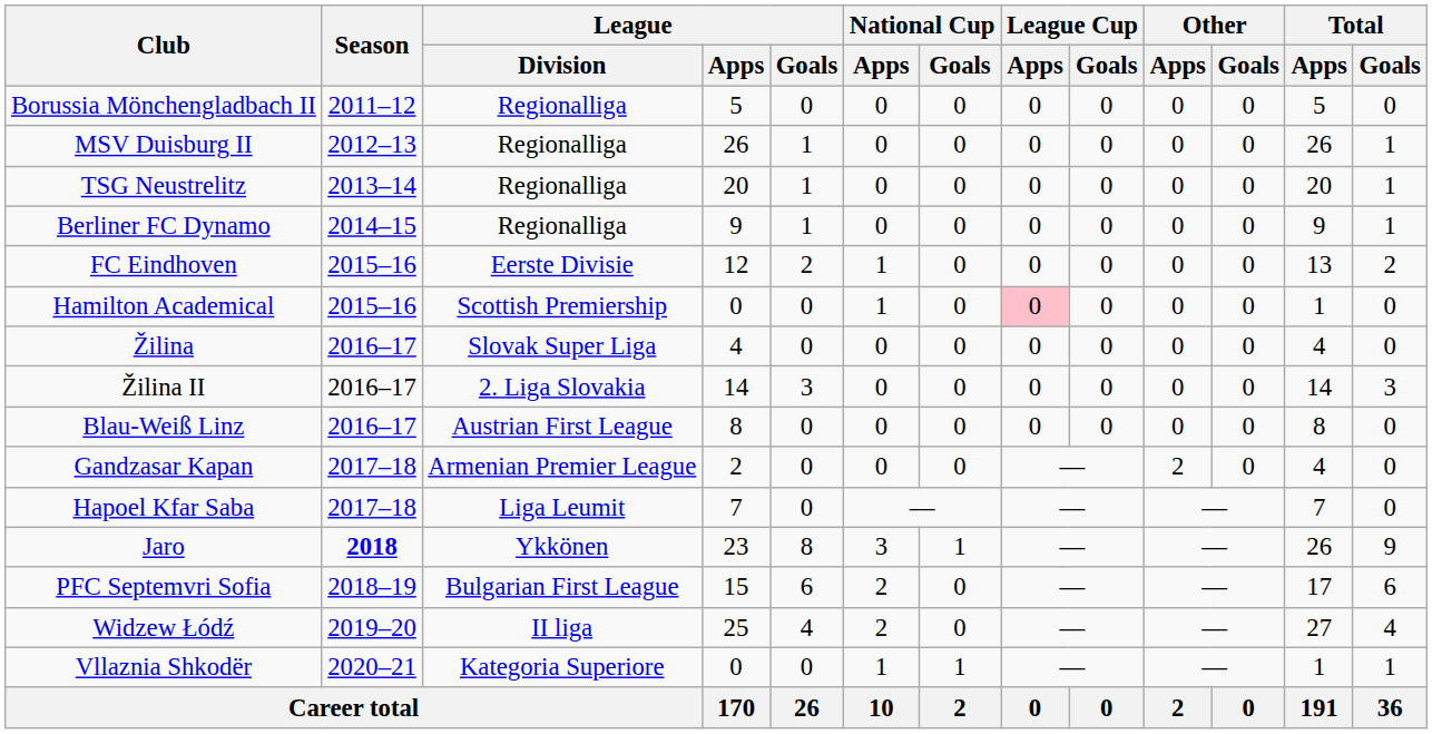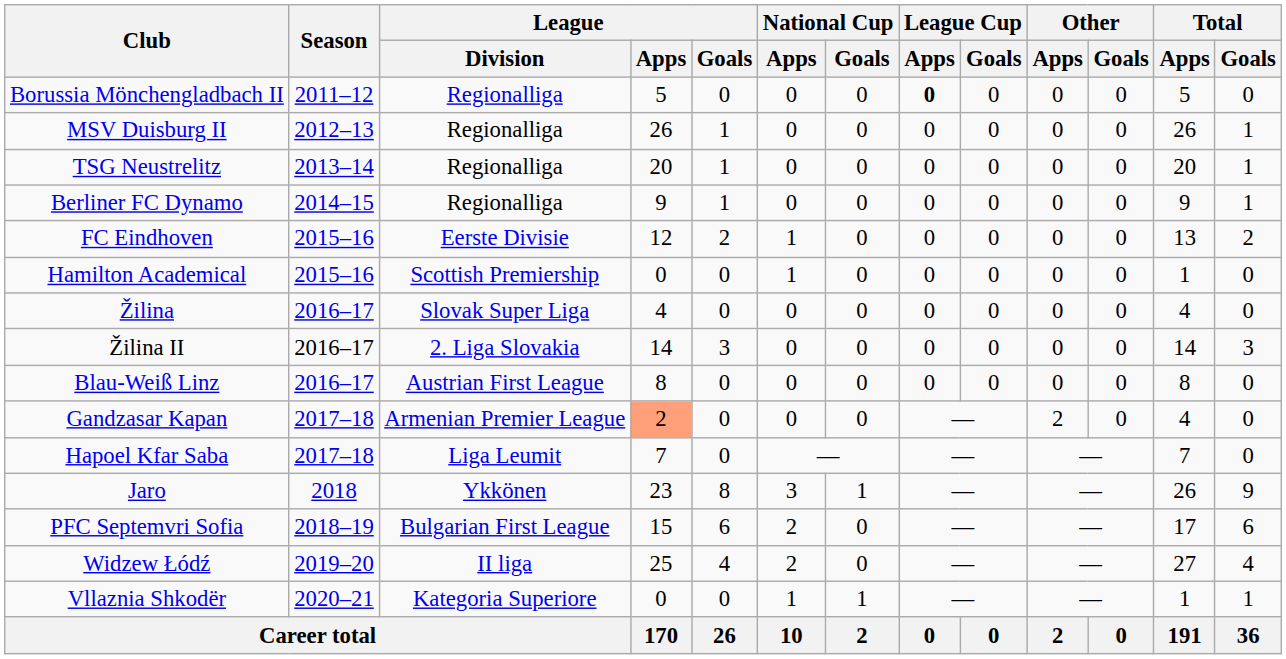 <table class="wikitable" style="text-align: center;">
 <tr>
 <th rowspan="2">Club</th>
 <th rowspan="2">Season</th>
 <th colspan="3">League</th>
 <th colspan="2">National Cup</th>
 <th colspan="2">League Cup</th>
 <th colspan="2">Other</th>
 <th colspan="2">Total</th>
 </tr>
 <tr>
 <th>Division</th>
 <th>Apps</th>
 <th>Goals</th>
 <th>Apps</th>
 <th>Goals</th>
 <th>Apps</th>
 <th>Goals</th>
 <th>Apps</th>
 <th>Goals</th>
 <th>Apps</th>
 <th>Goals</th>
 </tr>
 <tr>
 <td><a href='#'>Borussia Mönchengladbach II</a></td>
 <td><a href='#'>2011–12</a></td>
 <td><a href='#'>Regionalliga</a></td>
 <td>5</td>
 <td>0</td>
 <td>0</td>
 <td>0</td>
-<td>0</td>
+<td><strong>0</strong></td>
 <td>0</td>
 <td>0</td>
 <td>0</td>
 <td>5</td>
 <td>0</td>
 </tr>
 <tr>
 <td><a href='#'>MSV Duisburg II</a></td>
 <td><a href='#'>2012–13</a></td>
 <td>Regionalliga</td>
 <td>26</td>
 <td>1</td>
 <td>0</td>
 <td>0</td>
 <td>0</td>
 <td>0</td>
 <td>0</td>
 <td>0</td>
 <td>26</td>
 <td>1</td>
 </tr>
 <tr>
 <td><a href='#'>TSG Neustrelitz</a></td>
 <td><a href='#'>2013–14</a></td>
 <td>Regionalliga</td>
 <td>20</td>
 <td>1</td>
 <td>0</td>
 <td>0</td>
 <td>0</td>
 <td>0</td>
 <td>0</td>
 <td>0</td>
 <td>20</td>
 <td>1</td>
 </tr>
 <tr>
 <td><a href='#'>Berliner FC Dynamo</a></td>
 <td><a href='#'>2014–15</a></td>
 <td>Regionalliga</td>
 <td>9</td>
 <td>1</td>
 <td>0</td>
 <td>0</td>
 <td>0</td>
 <td>0</td>
 <td>0</td>
 <td>0</td>
 <td>9</td>
 <td>1</td>
 </tr>
 <tr>
 <td><a href='#'>FC Eindhoven</a></td>
 <td><a href='#'>2015–16</a></td>
 <td><a href='#'>Eerste Divisie</a></td>
 <td>12</td>
 <td>2</td>
 <td>1</td>
 <td>0</td>
 <td>0</td>
 <td>0</td>
 <td>0</td>
 <td>0</td>
 <td>13</td>
 <td>2</td>
 </tr>
 <tr>
 <td><a href='#'>Hamilton Academical</a></td>
 <td><a href='#'>2015–16</a></td>
 <td><a href='#'>Scottish Premiership</a></td>
 <td>0</td>
 <td>0</td>
 <td>1</td>
 <td>0</td>
-<td style="background: pink;">0</td>
+<td>0</td>
 <td>0</td>
 <td>0</td>
 <td>0</td>
 <td>1</td>
 <td>0</td>
 </tr>
 <tr>
 <td><a href='#'>Žilina</a></td>
 <td><a href='#'>2016–17</a></td>
 <td><a href='#'>Slovak Super Liga</a></td>
 <td>4</td>
 <td>0</td>
 <td>0</td>
 <td>0</td>
 <td>0</td>
 <td>0</td>
 <td>0</td>
 <td>0</td>
 <td>4</td>
 <td>0</td>
 </tr>
 <tr>
 <td>Žilina II</td>
 <td>2016–17</td>
 <td><a href='#'>2. Liga Slovakia</a></td>
 <td>14</td>
 <td>3</td>
 <td>0</td>
 <td>0</td>
 <td>0</td>
 <td>0</td>
 <td>0</td>
 <td>0</td>
 <td>14</td>
 <td>3</td>
 </tr>
 <tr>
 <td><a href='#'>Blau-Weiß Linz</a></td>
 <td><a href='#'>2016–17</a></td>
 <td><a href='#'>Austrian First League</a></td>
 <td>8</td>
 <td>0</td>
 <td>0</td>
 <td>0</td>
 <td>0</td>
 <td>0</td>
 <td>0</td>
 <td>0</td>
 <td>8</td>
 <td>0</td>
 </tr>
 <tr>
 <td><a href='#'>Gandzasar Kapan</a></td>
 <td><a href='#'>2017–18</a></td>
 <td><a href='#'>Armenian Premier League</a></td>
-<td>2</td>
+<td style="background: lightsalmon;">2</td>
 <td>0</td>
 <td>0</td>
 <td>0</td>
 <td colspan="2">—</td>
 <td>2</td>
 <td>0</td>
 <td>4</td>
 <td>0</td>
 </tr>
 <tr>
 <td><a href='#'>Hapoel Kfar Saba</a></td>
 <td><a href='#'>2017–18</a></td>
 <td><a href='#'>Liga Leumit</a></td>
 <td>7</td>
 <td>0</td>
 <td colspan="2">—</td>
 <td colspan="2">—</td>
 <td colspan="2">—</td>
 <td>7</td>
 <td>0</td>
 </tr>
 <tr>
 <td><a href='#'>Jaro</a></td>
-<td><strong><a href='#'>2018</a></strong></td>
+<td><a href='#'>2018</a></td>
 <td><a href='#'>Ykkönen</a></td>
 <td>23</td>
 <td>8</td>
 <td>3</td>
 <td>1</td>
 <td colspan="2">—</td>
 <td colspan="2">—</td>
 <td>26</td>
 <td>9</td>
 </tr>
 <tr>
 <td><a href='#'>PFC Septemvri Sofia</a></td>
 <td><a href='#'>2018–19</a></td>
 <td><a href='#'>Bulgarian First League</a></td>
 <td>15</td>
 <td>6</td>
 <td>2</td>
 <td>0</td>
 <td colspan="2">—</td>
 <td colspan="2">—</td>
 <td>17</td>
 <td>6</td>
 </tr>
 <tr>
 <td><a href='#'>Widzew Łódź</a></td>
 <td><a href='#'>2019–20</a></td>
 <td><a href='#'>II liga</a></td>
 <td>25</td>
 <td>4</td>
 <td>2</td>
 <td>0</td>
 <td colspan="2">—</td>
 <td colspan="2">—</td>
 <td>27</td>
 <td>4</td>
 </tr>
 <tr>
 <td><a href='#'>Vllaznia Shkodër</a></td>
 <td><a href='#'>2020–21</a></td>
 <td><a href='#'>Kategoria Superiore</a></td>
 <td>0</td>
 <td>0</td>
 <td>1</td>
 <td>1</td>
 <td colspan="2">—</td>
 <td colspan="2">—</td>
 <td>1</td>
 <td>1</td>
 </tr>
 <tr>
 <th colspan="3">Career total</th>
 <th>170</th>
 <th>26</th>
 <th>10</th>
 <th>2</th>
 <th>0</th>
 <th>0</th>
 <th>2</th>
 <th>0</th>
 <th>191</th>
 <th>36</th>
 </tr>
 </table>
